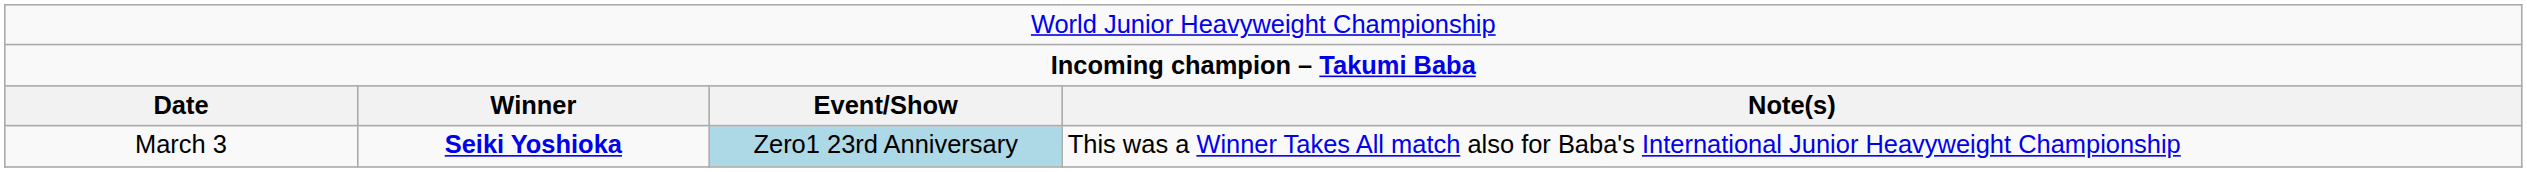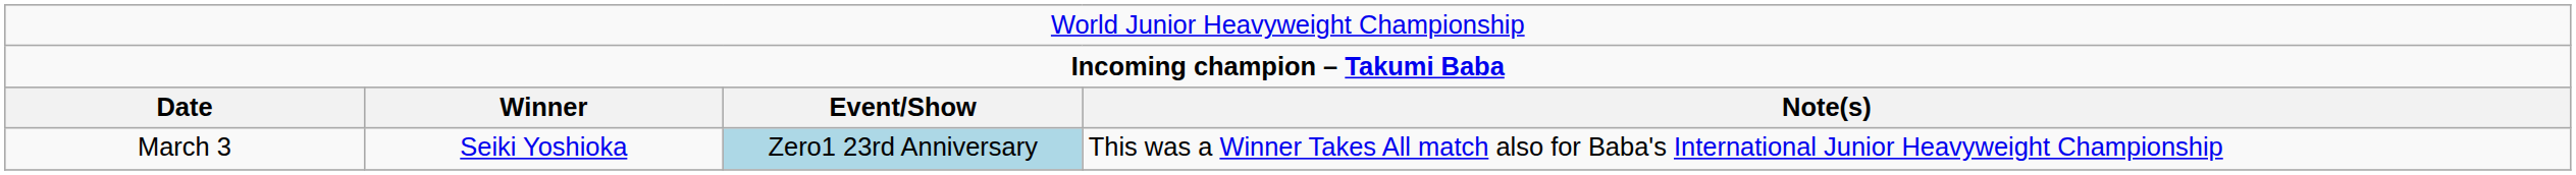 <table class="wikitable" style="text-align:center; width:100%;">
 <tr>
 <td colspan="4" style="text-align: center;"><a href='#'>World Junior Heavyweight Championship</a></td>
 </tr>
 <tr>
 <td colspan="4" style="text-align: center;"><strong>Incoming champion – <a href='#'>Takumi Baba</a></strong></td>
 </tr>
 <tr>
 <th width=14%>Date</th>
 <th width=14%>Winner</th>
 <th width=14%>Event/Show</th>
 <th width=58%>Note(s)</th>
 </tr>
 <tr>
 <td>March 3<br></td>
-<td><strong><a href='#'>Seiki Yoshioka</a></strong></td>
+<td><a href='#'>Seiki Yoshioka</a></td>
 <td style="background: lightblue;">Zero1 23rd Anniversary</td>
 <td align=left>This was a <a href='#'>Winner Takes All match</a> also for Baba's <a href='#'>International Junior Heavyweight Championship</a></td>
 </tr>
 </table>
